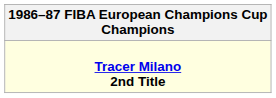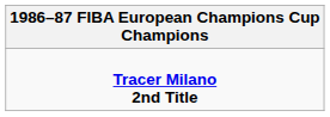 <table class=wikitable style="text-align:center; margin:auto">
 <tr>
 <th>1986–87 FIBA European Champions Cup<br>Champions</th>
 </tr>
 <tr>
-<td style="background: lightyellow;"> <br> <strong><a href='#'>Tracer Milano</a></strong> <br> <strong>2nd Title</strong></td>
+<td> <br> <strong><a href='#'>Tracer Milano</a></strong> <br> <strong>2nd Title</strong></td>
 </tr>
 </table>
